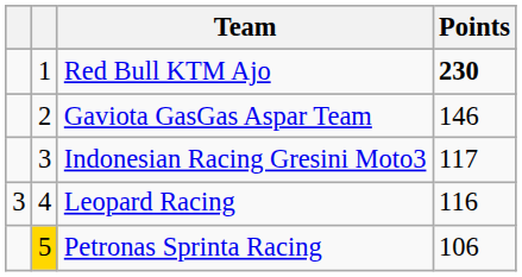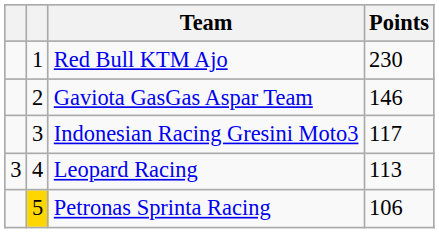 <table class="wikitable" style="font-size: 85%;">
 <tr>
 <th></th>
 <th></th>
 <th>Team</th>
 <th>Points</th>
 </tr>
 <tr>
 <td></td>
 <td align=center>1</td>
 <td> <a href='#'>Red Bull KTM Ajo</a></td>
-<td align=left><strong>230</strong></td>
+<td align=left>230</td>
 </tr>
 <tr>
 <td></td>
 <td align=center>2</td>
 <td> <a href='#'>Gaviota GasGas Aspar Team</a></td>
 <td align=left>146</td>
 </tr>
 <tr>
 <td></td>
 <td align=center>3</td>
 <td> <a href='#'>Indonesian Racing Gresini Moto3</a></td>
 <td align=left>117</td>
 </tr>
 <tr>
 <td> 3</td>
 <td align=center>4</td>
 <td> <a href='#'>Leopard Racing</a></td>
-<td align=left>116</td>
+<td align=left>113</td>
 </tr>
 <tr>
 <td></td>
 <td align=center style="background: gold;">5</td>
 <td> <a href='#'>Petronas Sprinta Racing</a></td>
 <td align=left>106</td>
 </tr>
 </table>
